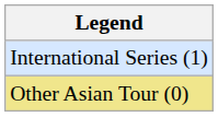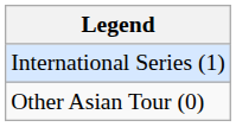 <table class="wikitable" style="font-size:95%;">
 <tr>
 <th>Legend</th>
 </tr>
 <tr style="background:#D6E8FF;">
 <td>International Series (1)</td>
 </tr>
 <tr>
-<td style="background: khaki;">Other Asian Tour (0)</td>
+<td>Other Asian Tour (0)</td>
 </tr>
 </table>
